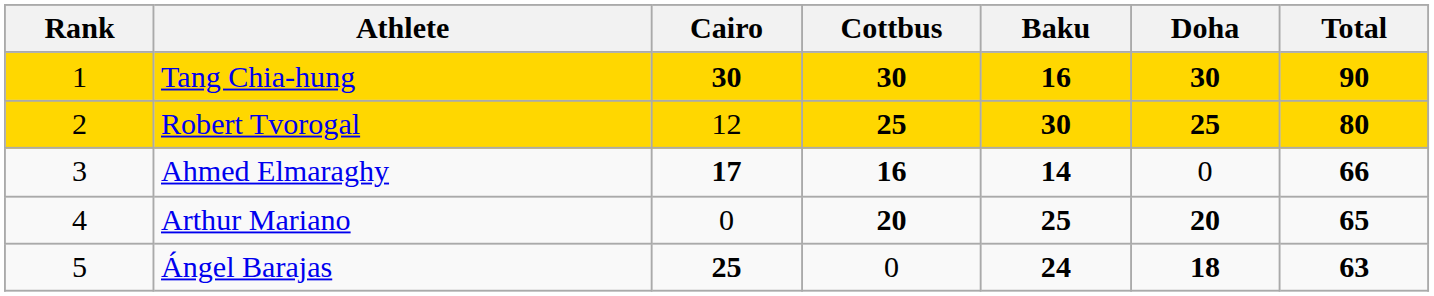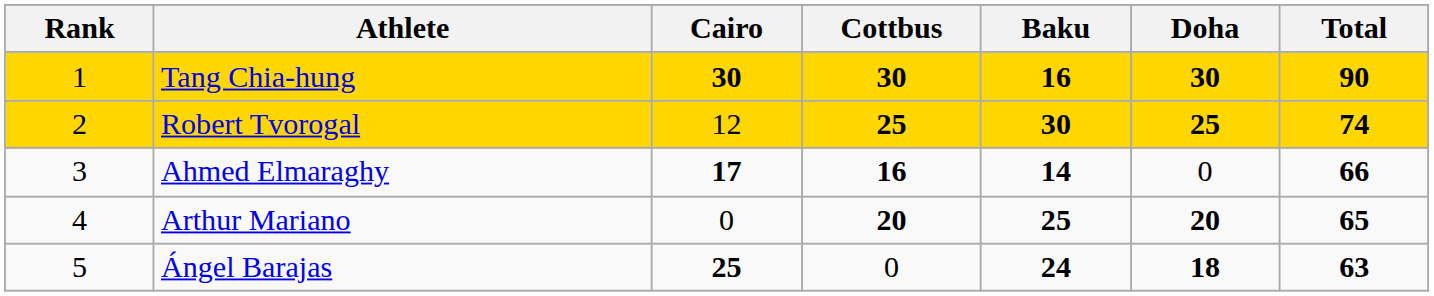 <table style="width:60%;" class="wikitable">
 <tr>
 <th style="text-align:center; width:6%;">Rank</th>
 <th style="text-align:center; width:20%;">Athlete</th>
 <th style="text-align:center; width:6%;"> Cairo</th>
 <th style="text-align:center; width:6%;"> Cottbus</th>
 <th style="text-align:center; width:6%;"> Baku</th>
 <th style="text-align:center; width:6%;"> Doha</th>
 <th style="text-align:center; width:6%;">Total</th>
 </tr>
 <tr scope=row style="text-align:center" bgcolor=gold>
 <td>1</td>
 <td align=left> <a href='#'>Tang Chia-hung</a></td>
 <td><strong>30</strong></td>
 <td><strong>30</strong></td>
 <td><strong>16</strong></td>
 <td><strong>30</strong></td>
 <td><strong>90</strong></td>
 </tr>
 <tr scope=row style="text-align:center" bgcolor=gold>
 <td>2</td>
 <td align=left> <a href='#'>Robert Tvorogal</a></td>
 <td>12</td>
 <td><strong>25</strong></td>
 <td><strong>30</strong></td>
 <td><strong>25</strong></td>
-<td><strong>80</strong></td>
+<td><strong>74</strong></td>
 </tr>
 <tr scope=row style="text-align:center">
 <td>3</td>
 <td align=left> <a href='#'>Ahmed Elmaraghy</a></td>
 <td><strong>17</strong></td>
 <td><strong>16</strong></td>
 <td><strong>14</strong></td>
 <td>0</td>
 <td><strong>66</strong></td>
 </tr>
 <tr scope=row style="text-align:center">
 <td>4</td>
 <td align=left> <a href='#'>Arthur Mariano</a></td>
 <td>0</td>
 <td><strong>20</strong></td>
 <td><strong>25</strong></td>
 <td><strong>20</strong></td>
 <td><strong>65</strong></td>
 </tr>
 <tr scope=row style="text-align:center">
 <td>5</td>
 <td align=left> <a href='#'>Ángel Barajas</a></td>
 <td><strong>25</strong></td>
 <td>0</td>
 <td><strong>24</strong></td>
 <td><strong>18</strong></td>
 <td><strong>63</strong></td>
 </tr>
 </table>
